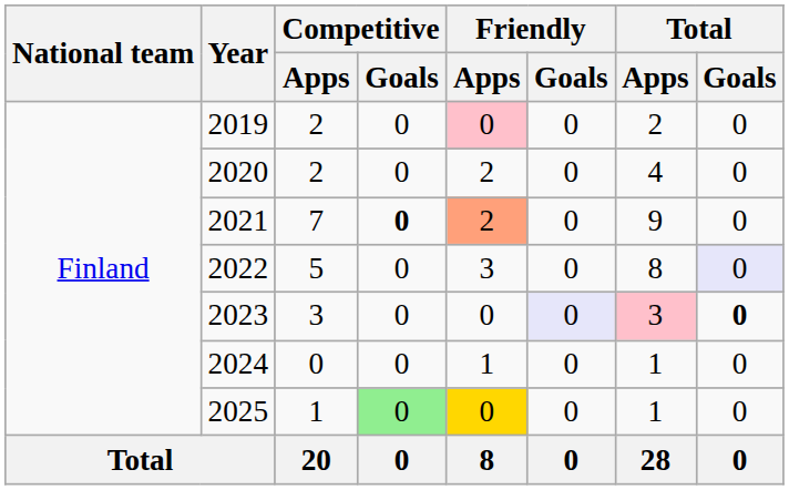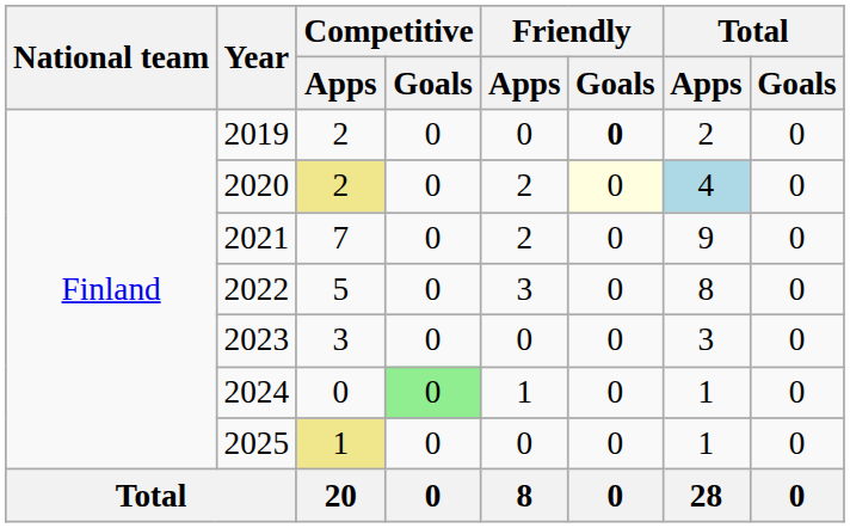 <table class="wikitable" style="text-align:center">
 <tr>
 <th rowspan="2">National team</th>
 <th rowspan="2">Year</th>
 <th colspan="2">Competitive</th>
 <th colspan="2">Friendly</th>
 <th colspan="2">Total</th>
 </tr>
 <tr>
 <th>Apps</th>
 <th>Goals</th>
 <th>Apps</th>
 <th>Goals</th>
 <th>Apps</th>
 <th>Goals</th>
 </tr>
 <tr>
 <td rowspan=7><a href='#'>Finland</a></td>
 <td>2019</td>
 <td>2</td>
 <td>0</td>
-<td style="background: pink;">0</td>
 <td>0</td>
+<td><strong>0</strong></td>
 <td>2</td>
 <td>0</td>
 </tr>
 <tr>
 <td>2020</td>
-<td>2</td>
+<td style="background: khaki;">2</td>
 <td>0</td>
 <td>2</td>
-<td>0</td>
-<td>4</td>
+<td style="background: lightyellow;">0</td>
+<td style="background: lightblue;">4</td>
 <td>0</td>
 </tr>
 <tr>
 <td>2021</td>
 <td>7</td>
-<td><strong>0</strong></td>
-<td style="background: lightsalmon;">2</td>
+<td>0</td>
+<td>2</td>
 <td>0</td>
 <td>9</td>
 <td>0</td>
 </tr>
 <tr>
 <td>2022</td>
 <td>5</td>
 <td>0</td>
 <td>3</td>
 <td>0</td>
 <td>8</td>
-<td style="background: lavender;">0</td>
+<td>0</td>
 </tr>
 <tr>
 <td>2023</td>
 <td>3</td>
 <td>0</td>
 <td>0</td>
-<td style="background: lavender;">0</td>
-<td style="background: pink;">3</td>
-<td><strong>0</strong></td>
+<td>0</td>
+<td>3</td>
+<td>0</td>
 </tr>
 <tr>
 <td>2024</td>
 <td>0</td>
-<td>0</td>
+<td style="background: lightgreen;">0</td>
 <td>1</td>
 <td>0</td>
 <td>1</td>
 <td>0</td>
 </tr>
 <tr>
 <td>2025</td>
-<td>1</td>
-<td style="background: lightgreen;">0</td>
-<td style="background: gold;">0</td>
+<td style="background: khaki;">1</td>
+<td>0</td>
+<td>0</td>
 <td>0</td>
 <td>1</td>
 <td>0</td>
 </tr>
 <tr>
 <th colspan=2>Total</th>
 <th>20</th>
 <th>0</th>
 <th>8</th>
 <th>0</th>
 <th>28</th>
 <th>0</th>
 </tr>
 </table>
